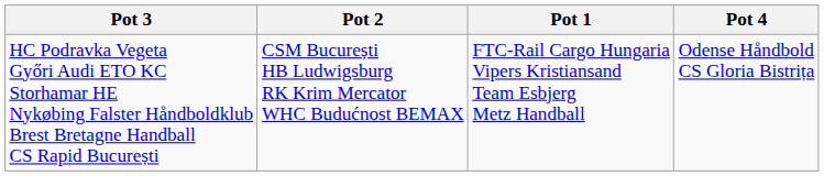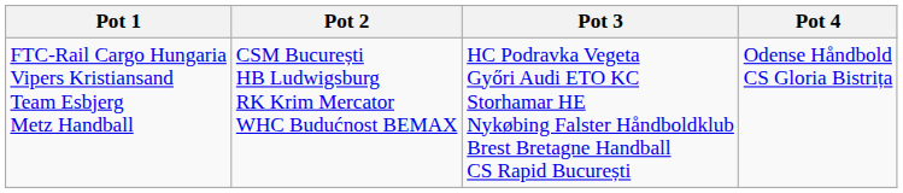 <table class="wikitable">
 <tr>
+<th>Pot 1</th>
+<th>Pot 2</th>
 <th>Pot 3</th>
-<th>Pot 2</th>
-<th>Pot 1</th>
 <th>Pot 4</th>
 </tr>
 <tr>
+<td valign="top"> <a href='#'>FTC-Rail Cargo Hungaria</a><br> <a href='#'>Vipers Kristiansand</a><br> <a href='#'>Team Esbjerg</a><br> <a href='#'>Metz Handball</a></td>
+<td valign="top"> <a href='#'>CSM București</a><br> <a href='#'>HB Ludwigsburg</a><br> <a href='#'>RK Krim Mercator</a><br> <a href='#'>WHC Budućnost BEMAX</a></td>
 <td valign="top"> <a href='#'>HC Podravka Vegeta</a><br> <a href='#'>Győri Audi ETO KC</a><br> <a href='#'>Storhamar HE</a><br> <a href='#'>Nykøbing Falster Håndboldklub</a><br> <a href='#'>Brest Bretagne Handball</a><br> <a href='#'>CS Rapid București</a></td>
-<td valign="top"> <a href='#'>CSM București</a><br> <a href='#'>HB Ludwigsburg</a><br> <a href='#'>RK Krim Mercator</a><br> <a href='#'>WHC Budućnost BEMAX</a></td>
-<td valign="top"> <a href='#'>FTC-Rail Cargo Hungaria</a><br> <a href='#'>Vipers Kristiansand</a><br> <a href='#'>Team Esbjerg</a><br> <a href='#'>Metz Handball</a></td>
 <td valign="top"> <a href='#'>Odense Håndbold</a><br> <a href='#'>CS Gloria Bistrița</a></td>
 </tr>
 </table>
